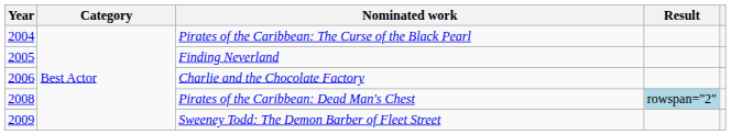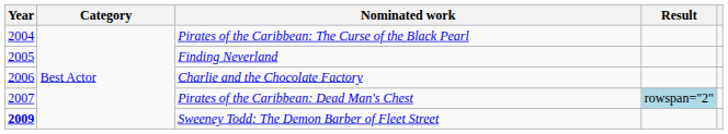 <table class="wikitable sortable">
 <tr>
 <th scope="col" style="width:2em;">Year</th>
 <th scope="col" style="width:10em;">Category</th>
 <th scope="col" style="width:35em;">Nominated work</th>
 <th scope="col" style="width:2em;">Result</th>
 <th class="unsortable"></th>
 </tr>
 <tr>
 <td><a href='#'>2004</a></td>
 <td rowspan="5"><a href='#'>Best Actor</a></td>
 <td><em><a href='#'>Pirates of the Caribbean: The Curse of the Black Pearl</a></em></td>
 <td></td>
 <td></td>
 </tr>
 <tr>
 <td><a href='#'>2005</a></td>
 <td><em><a href='#'>Finding Neverland</a></em></td>
 <td></td>
 <td></td>
 </tr>
 <tr>
 <td><a href='#'>2006</a></td>
 <td><em><a href='#'>Charlie and the Chocolate Factory</a></em></td>
 <td></td>
 <td></td>
 </tr>
 <tr>
-<td><a href='#'>2008</a></td>
+<td><a href='#'>2007</a></td>
 <td><em><a href='#'>Pirates of the Caribbean: Dead Man's Chest</a></em></td>
 <td style="background: lightblue;">rowspan="2" </td>
 <td></td>
 </tr>
 <tr>
-<td><a href='#'>2009</a></td>
+<td><strong><a href='#'>2009</a></strong></td>
 <td><em><a href='#'>Sweeney Todd: The Demon Barber of Fleet Street</a></em></td>
 <td></td>
 </tr>
 </table>
